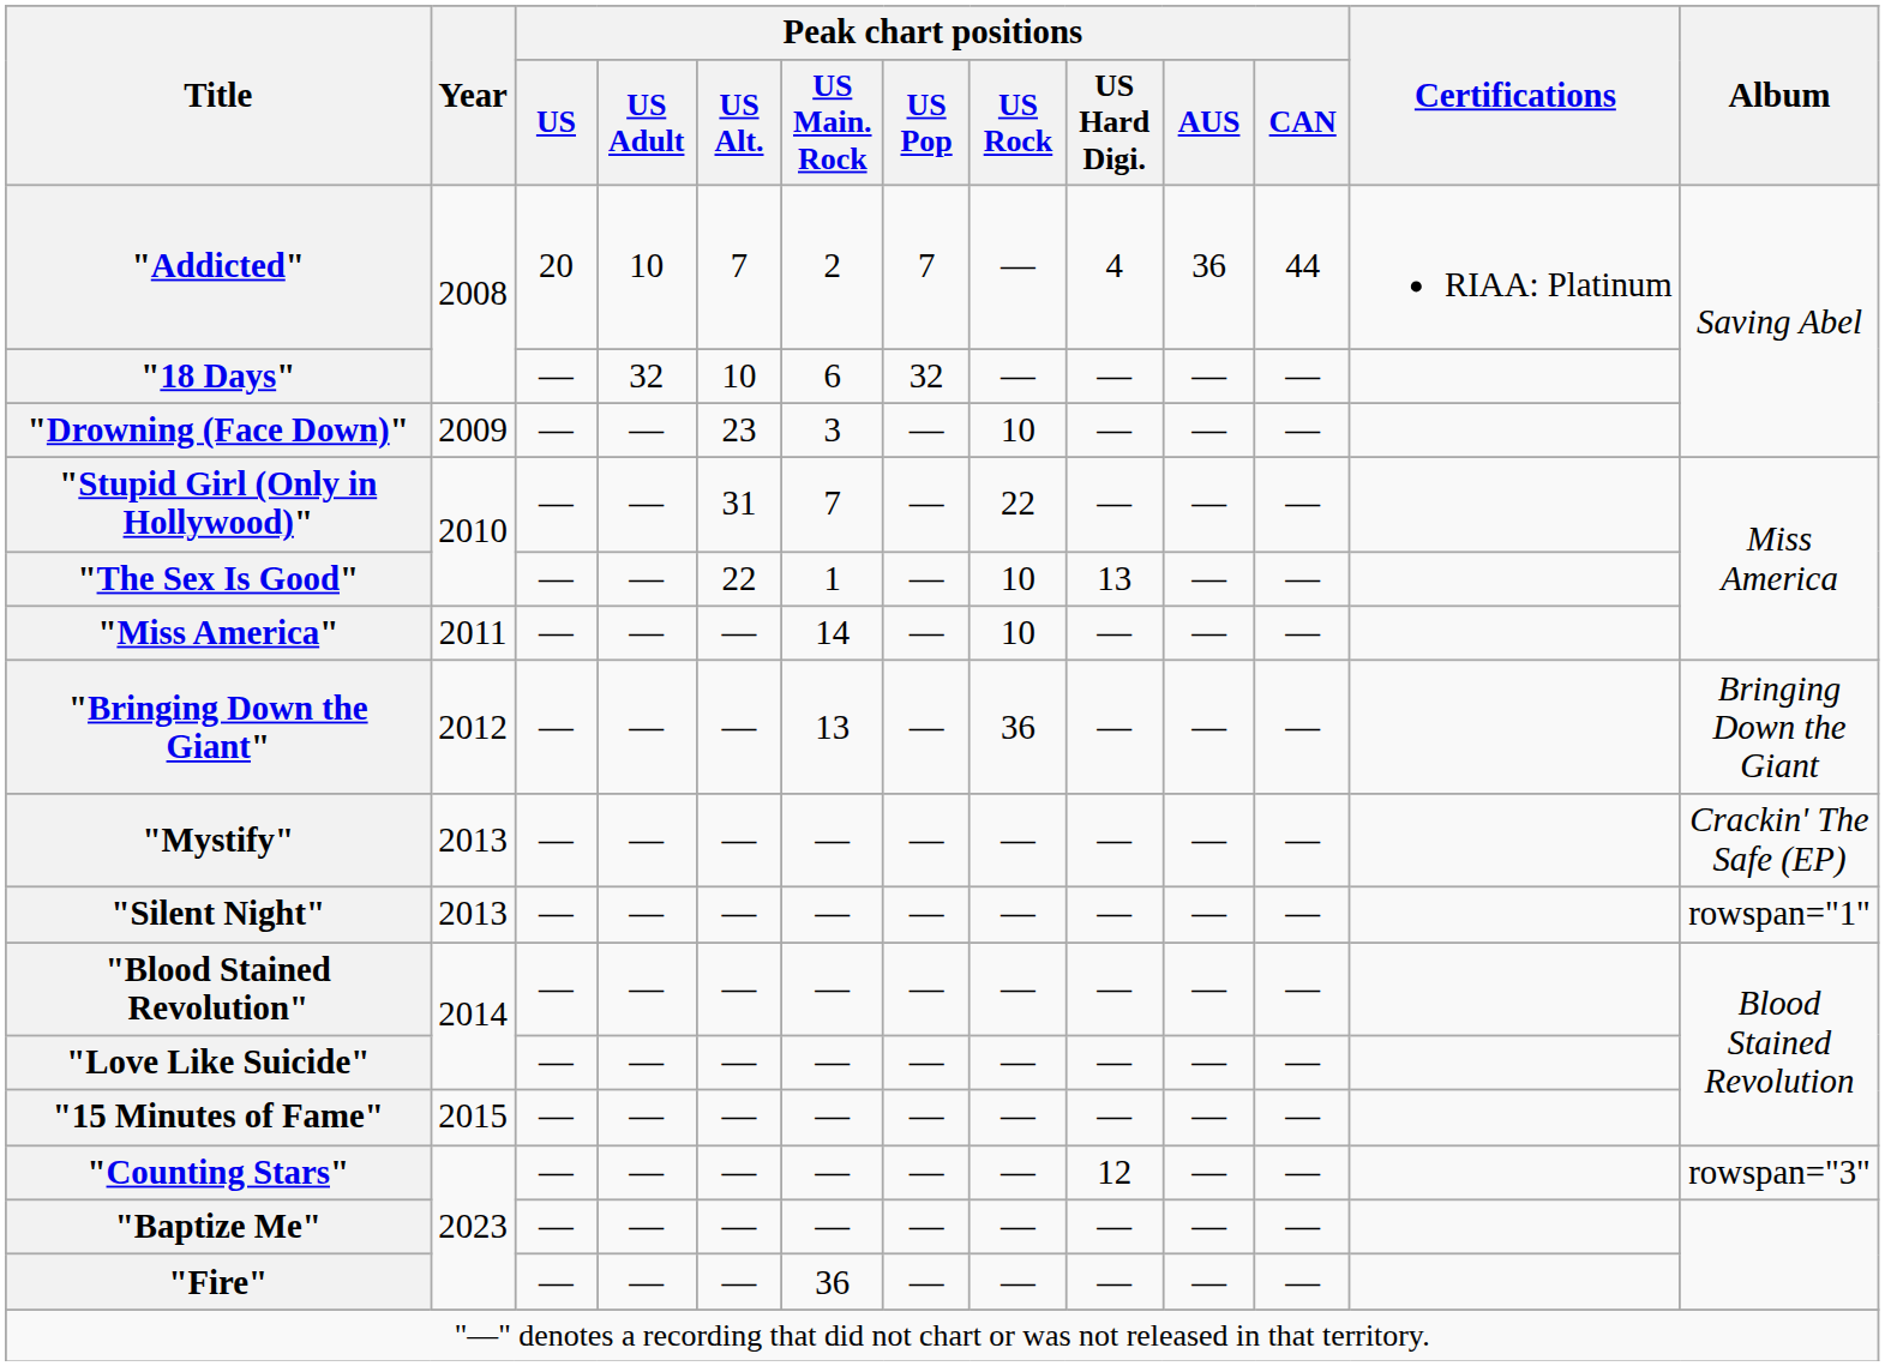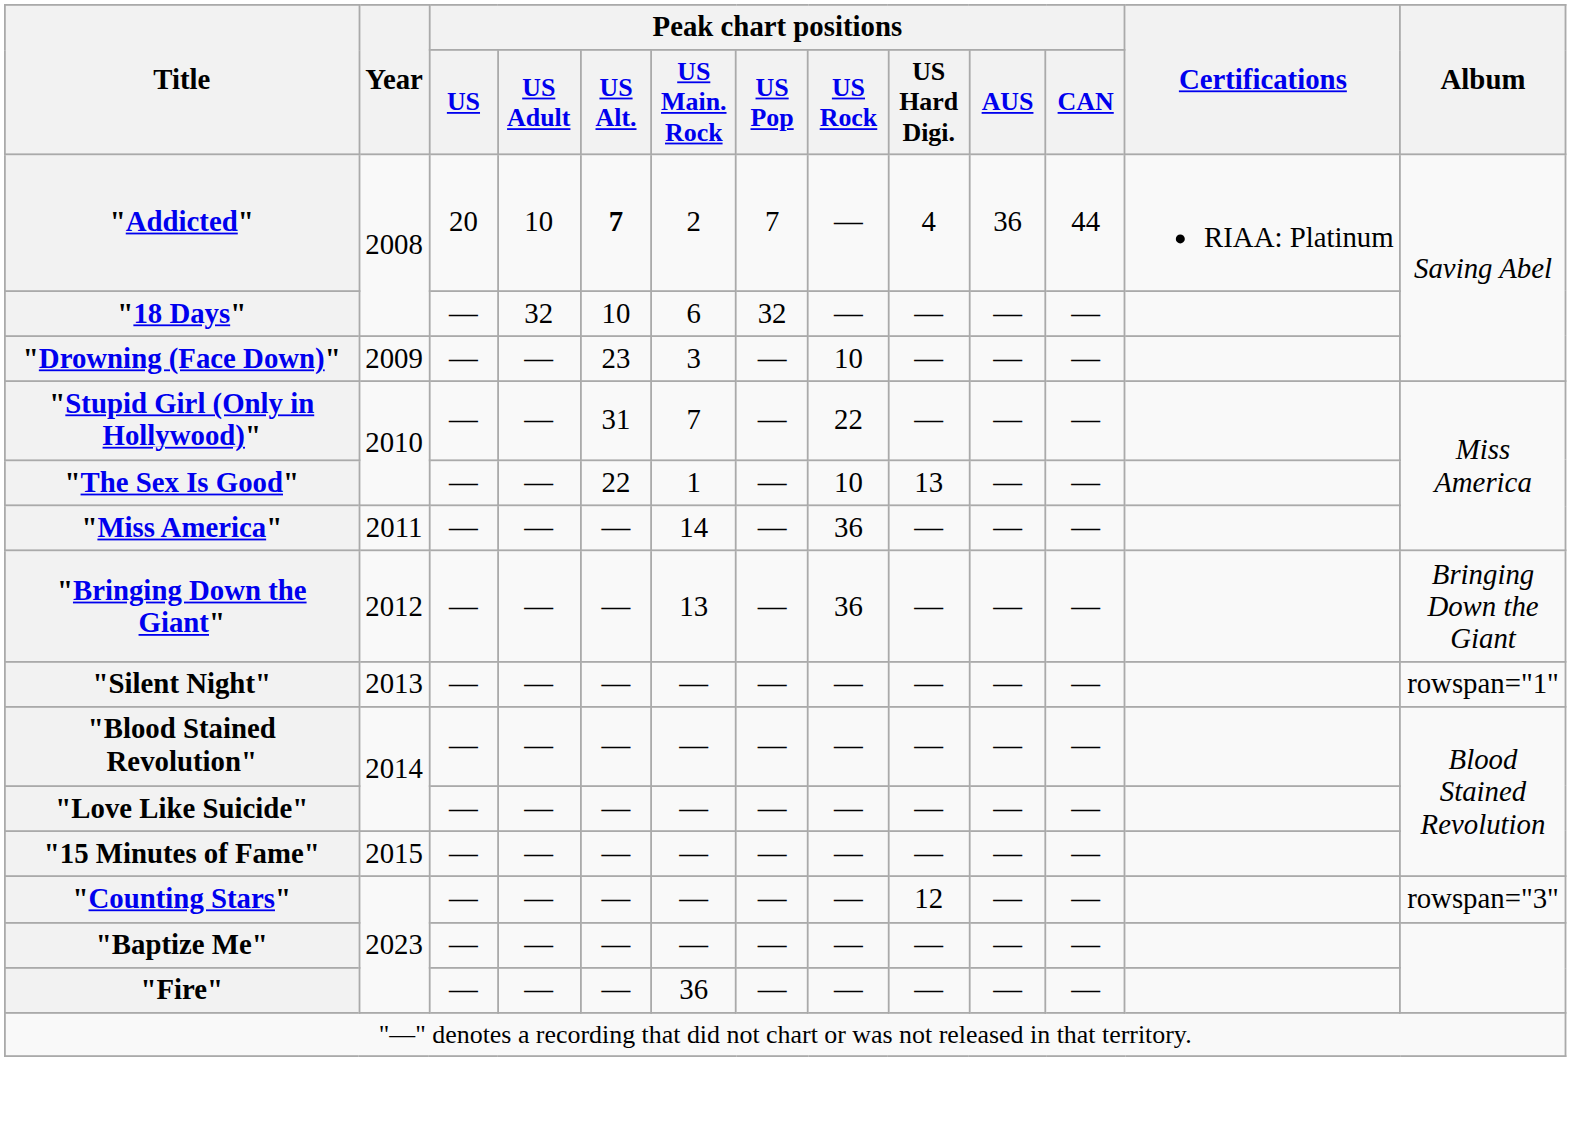 <table class="wikitable plainrowheaders" style="text-align:center;">
 <tr>
 <th scope="col" rowspan="2" style="width:18em;">Title</th>
 <th scope="col" rowspan="2">Year</th>
 <th scope="col" colspan="9">Peak chart positions</th>
 <th scope="col" rowspan="2" style="width:12em;"><a href='#'>Certifications</a></th>
 <th scope="col" rowspan="2">Album</th>
 </tr>
 <tr>
 <th scope="col" style="width:3em;font-size:90%;"><a href='#'>US</a><br></th>
 <th scope="col" style="width:3em;font-size:90%;"><a href='#'>US<br>Adult</a><br></th>
 <th scope="col" style="width:3em;font-size:90%;"><a href='#'>US<br>Alt.</a><br></th>
 <th scope="col" style="width:3em;font-size:90%;"><a href='#'>US<br>Main. Rock</a><br></th>
 <th scope="col" style="width:3em;font-size:90%;"><a href='#'>US<br>Pop</a><br></th>
 <th scope="col" style="width:3em;font-size:90%;"><a href='#'>US<br>Rock</a><br></th>
 <th scope="col" style="width:3em;font-size:90%;">US Hard Digi.</th>
 <th scope="col" style="width:3em;font-size:90%;"><a href='#'>AUS</a><br></th>
 <th scope="col" style="width:3em;font-size:90%;"><a href='#'>CAN</a><br></th>
 </tr>
 <tr>
 <th scope="row">"<a href='#'>Addicted</a>"</th>
 <td rowspan="2">2008</td>
 <td>20</td>
 <td>10</td>
-<td>7</td>
+<td><strong>7</strong></td>
 <td>2</td>
 <td>7</td>
 <td>—</td>
 <td>4</td>
 <td>36</td>
 <td>44</td>
 <td><br><ul><li>RIAA: Platinum</li></ul></td>
 <td rowspan="3"><em>Saving Abel</em></td>
 </tr>
 <tr>
 <th scope="row">"<a href='#'>18 Days</a>"</th>
 <td>—</td>
 <td>32</td>
 <td>10</td>
 <td>6</td>
 <td>32</td>
 <td>—</td>
 <td>—</td>
 <td>—</td>
 <td>—</td>
 <td></td>
 </tr>
 <tr>
 <th scope="row">"<a href='#'>Drowning (Face Down)</a>"</th>
 <td>2009</td>
 <td>—</td>
 <td>—</td>
 <td>23</td>
 <td>3</td>
 <td>—</td>
 <td>10</td>
 <td>—</td>
 <td>—</td>
 <td>—</td>
 <td></td>
 </tr>
 <tr>
 <th scope="row">"<a href='#'>Stupid Girl (Only in Hollywood)</a>"</th>
 <td rowspan="2">2010</td>
 <td>—</td>
 <td>—</td>
 <td>31</td>
 <td>7</td>
 <td>—</td>
 <td>22</td>
 <td>—</td>
 <td>—</td>
 <td>—</td>
 <td></td>
 <td rowspan="3"><em>Miss America</em></td>
 </tr>
 <tr>
 <th scope="row">"<a href='#'>The Sex Is Good</a>"</th>
 <td>—</td>
 <td>—</td>
 <td>22</td>
 <td>1</td>
 <td>—</td>
 <td>10</td>
 <td>13</td>
 <td>—</td>
 <td>—</td>
 <td></td>
 </tr>
 <tr>
 <th scope="row">"<a href='#'>Miss America</a>"</th>
 <td>2011</td>
 <td>—</td>
 <td>—</td>
 <td>—</td>
 <td>14</td>
 <td>—</td>
-<td>10</td>
+<td>36</td>
 <td>—</td>
 <td>—</td>
 <td>—</td>
 <td></td>
 </tr>
 <tr>
 <th scope="row">"<a href='#'>Bringing Down the Giant</a>"</th>
 <td>2012</td>
 <td>—</td>
 <td>—</td>
 <td>—</td>
 <td>13</td>
 <td>—</td>
 <td>36</td>
 <td>—</td>
 <td>—</td>
 <td>—</td>
 <td></td>
 <td><em>Bringing Down the Giant</em></td>
-</tr>
-<tr>
-<th scope="row">"Mystify"</th>
-<td>2013</td>
-<td>—</td>
-<td>—</td>
-<td>—</td>
-<td>—</td>
-<td>—</td>
-<td>—</td>
-<td>—</td>
-<td>—</td>
-<td>—</td>
-<td></td>
-<td rowspan="1"><em>Crackin' The Safe (EP)</em></td>
 </tr>
 <tr>
 <th scope="row">"Silent Night"</th>
 <td>2013</td>
 <td>—</td>
 <td>—</td>
 <td>—</td>
 <td>—</td>
 <td>—</td>
 <td>—</td>
 <td>—</td>
 <td>—</td>
 <td>—</td>
 <td></td>
 <td>rowspan="1" </td>
 </tr>
 <tr>
 <th scope="row">"Blood Stained Revolution"</th>
 <td rowspan="2">2014</td>
 <td>—</td>
 <td>—</td>
 <td>—</td>
 <td>—</td>
 <td>—</td>
 <td>—</td>
 <td>—</td>
 <td>—</td>
 <td>—</td>
 <td></td>
 <td rowspan="3"><em>Blood Stained Revolution</em></td>
 </tr>
 <tr>
 <th scope="row">"Love Like Suicide"</th>
 <td>—</td>
 <td>—</td>
 <td>—</td>
 <td>—</td>
 <td>—</td>
 <td>—</td>
 <td>—</td>
 <td>—</td>
 <td>—</td>
 <td></td>
 </tr>
 <tr>
 <th scope="row">"15 Minutes of Fame"</th>
 <td>2015</td>
 <td>—</td>
 <td>—</td>
 <td>—</td>
 <td>—</td>
 <td>—</td>
 <td>—</td>
 <td>—</td>
 <td>—</td>
 <td>—</td>
 <td></td>
 </tr>
 <tr>
 <th scope="row">"<a href='#'>Counting Stars</a>" </th>
 <td rowspan="3">2023</td>
 <td>—</td>
 <td>—</td>
 <td>—</td>
 <td>—</td>
 <td>—</td>
 <td>—</td>
 <td>12</td>
 <td>—</td>
 <td>—</td>
 <td></td>
 <td>rowspan="3" </td>
 </tr>
 <tr>
 <th scope="row">"Baptize Me"</th>
 <td>—</td>
 <td>—</td>
 <td>—</td>
 <td>—</td>
 <td>—</td>
 <td>—</td>
 <td>—</td>
 <td>—</td>
 <td>—</td>
 <td></td>
 </tr>
 <tr>
 <th scope="row">"Fire"</th>
 <td>—</td>
 <td>—</td>
 <td>—</td>
 <td>36</td>
 <td>—</td>
 <td>—</td>
 <td>—</td>
 <td>—</td>
 <td>—</td>
 <td></td>
 </tr>
 <tr>
 <td colspan="13" style="font-size:90%">"—" denotes a recording that did not chart or was not released in that territory.</td>
 </tr>
 </table>
